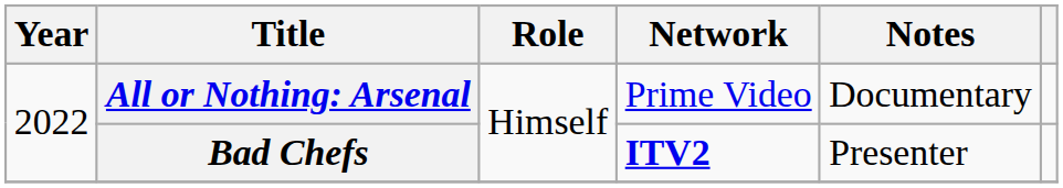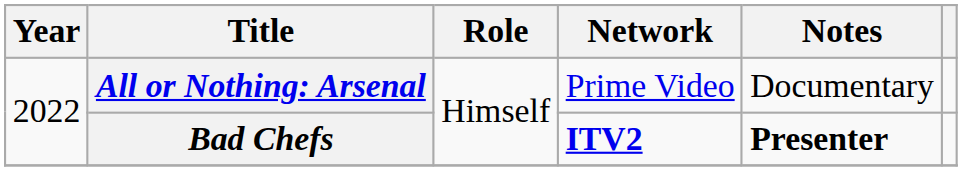 <table class="wikitable sortable plainrowheaders">
 <tr>
 <th scope="col">Year</th>
 <th scope="col">Title</th>
 <th scope="col">Role</th>
 <th scope="col">Network</th>
 <th scope="col" class="unsortable">Notes</th>
 <th scope="col" class="unsortable"></th>
 </tr>
 <tr>
 <td rowspan="2">2022</td>
 <th scope="row"><em><a href='#'>All or Nothing: Arsenal</a></em></th>
 <td rowspan="2">Himself</td>
 <td><a href='#'>Prime Video</a></td>
 <td>Documentary</td>
 <td style="text-align:center;"></td>
 </tr>
 <tr>
 <th scope="row"><em>Bad Chefs</em></th>
 <td><strong><a href='#'>ITV2</a></strong></td>
-<td>Presenter</td>
+<td><strong>Presenter</strong></td>
 <td style="text-align:center;"></td>
 </tr>
 <tr>
 </tr>
 </table>
